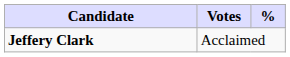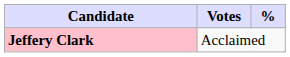 <table class="wikitable">
 <tr>
 <th style="background:#ddf; width:200px;">Candidate</th>
 <th style="background:#ddf; width:50px;">Votes</th>
 <th style="background:#ddf; width:30px;">%</th>
 </tr>
 <tr>
-<td><strong>Jeffery Clark</strong></td>
+<td style="background: pink;"><strong>Jeffery Clark</strong></td>
 <td colspan="2">Acclaimed</td>
 </tr>
 </table>
